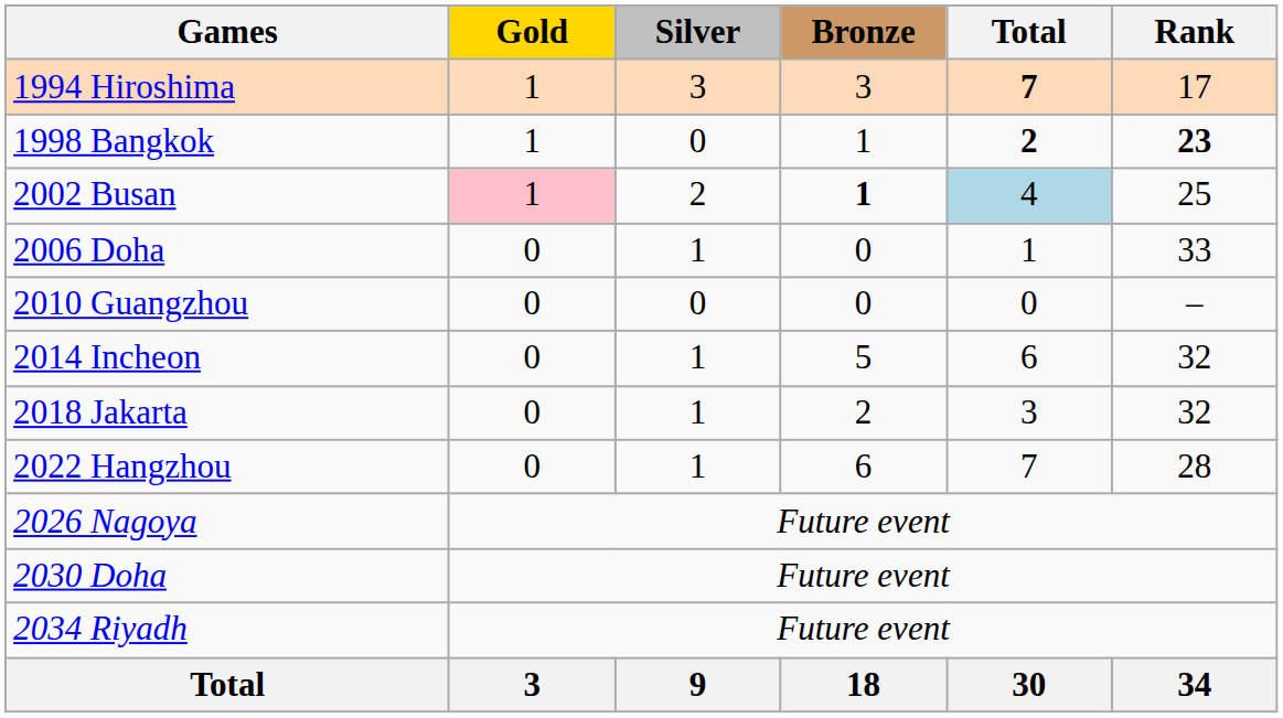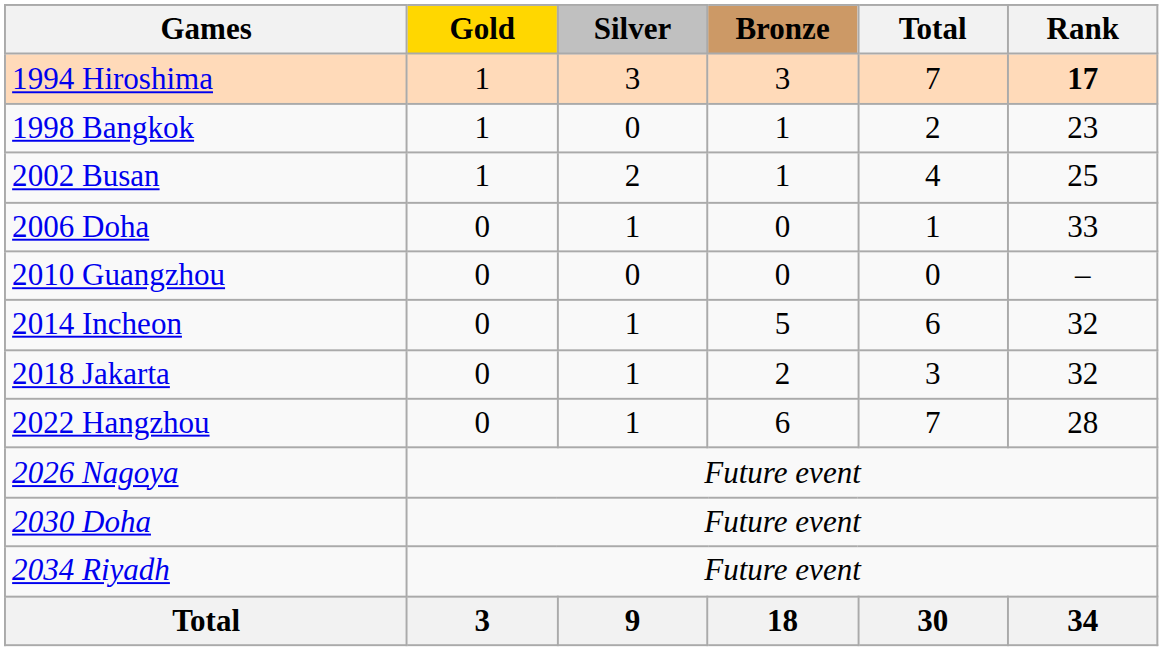 <table class="wikitable sortable" style="text-align:center;">
 <tr>
 <th width=200>Games</th>
 <td bgcolor=gold width=70><strong>Gold</strong></td>
 <td bgcolor=silver width=70><strong>Silver</strong></td>
 <td bgcolor=#cc9966 width=70><strong>Bronze</strong></td>
 <th width=70>Total</th>
 <th width=70>Rank</th>
 </tr>
 <tr bgcolor=ffdab9>
 <td align=left> <a href='#'>1994 Hiroshima</a></td>
 <td>1</td>
 <td>3</td>
 <td>3</td>
-<td><strong>7</strong></td>
-<td>17</td>
+<td>7</td>
+<td><strong>17</strong></td>
 </tr>
 <tr>
 <td align=left> <a href='#'>1998 Bangkok</a></td>
 <td>1</td>
 <td>0</td>
 <td>1</td>
-<td><strong>2</strong></td>
-<td><strong>23</strong></td>
+<td>2</td>
+<td>23</td>
 </tr>
 <tr>
 <td align=left> <a href='#'>2002 Busan</a></td>
-<td style="background: pink;">1</td>
+<td>1</td>
 <td>2</td>
-<td><strong>1</strong></td>
-<td style="background: lightblue;">4</td>
+<td>1</td>
+<td>4</td>
 <td>25</td>
 </tr>
 <tr>
 <td align=left> <a href='#'>2006 Doha</a></td>
 <td>0</td>
 <td>1</td>
 <td>0</td>
 <td>1</td>
 <td>33</td>
 </tr>
 <tr>
 <td align=left> <a href='#'>2010 Guangzhou</a></td>
 <td>0</td>
 <td>0</td>
 <td>0</td>
 <td>0</td>
 <td>–</td>
 </tr>
 <tr>
 <td align=left> <a href='#'>2014 Incheon</a></td>
 <td>0</td>
 <td>1</td>
 <td>5</td>
 <td>6</td>
 <td>32</td>
 </tr>
 <tr>
 <td align=left> <a href='#'>2018 Jakarta</a></td>
 <td>0</td>
 <td>1</td>
 <td>2</td>
 <td>3</td>
 <td>32</td>
 </tr>
 <tr>
 <td align=left> <a href='#'>2022 Hangzhou</a></td>
 <td>0</td>
 <td>1</td>
 <td>6</td>
 <td>7</td>
 <td>28</td>
 </tr>
 <tr>
 <td align=left> <em><a href='#'>2026 Nagoya</a></em></td>
 <td colspan=5><em>Future event</em></td>
 </tr>
 <tr>
 <td align=left> <em><a href='#'>2030 Doha</a></em></td>
 <td colspan=5><em>Future event</em></td>
 </tr>
 <tr>
 <td align=left> <em><a href='#'>2034 Riyadh</a></em></td>
 <td colspan=5><em>Future event</em></td>
 </tr>
 <tr class="sortbottom">
 <th>Total</th>
 <th>3</th>
 <th>9</th>
 <th>18</th>
 <th>30</th>
 <th>34</th>
 </tr>
 </table>
